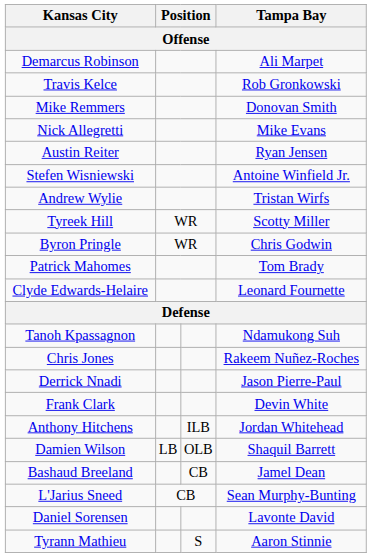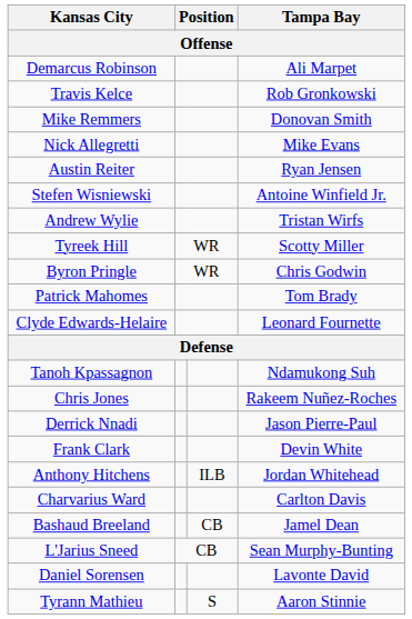 <table class="wikitable" style="text-align:center; margin: 0 auto;">
 <tr>
 <th style="width:160px;">Kansas City</th>
 <th colspan="2">Position</th>
 <th style="width:160px;">Tampa Bay</th>
 </tr>
 <tr>
 <th colspan="4">Offense</th>
 </tr>
 <tr>
 <td><a href='#'>Demarcus Robinson</a></td>
 <td colspan="2"></td>
 <td><a href='#'>Ali Marpet</a></td>
 </tr>
 <tr>
 <td><a href='#'>Travis Kelce</a></td>
 <td colspan="2"></td>
 <td><a href='#'>Rob Gronkowski</a></td>
 </tr>
 <tr>
 <td><a href='#'>Mike Remmers</a></td>
 <td colspan="2"></td>
 <td><a href='#'>Donovan Smith</a></td>
 </tr>
 <tr>
 <td><a href='#'>Nick Allegretti</a></td>
 <td colspan="2"></td>
 <td><a href='#'>Mike Evans</a></td>
 </tr>
 <tr>
 <td><a href='#'>Austin Reiter</a></td>
 <td colspan="2"></td>
 <td><a href='#'>Ryan Jensen</a></td>
 </tr>
 <tr>
 <td><a href='#'>Stefen Wisniewski</a></td>
 <td colspan="2"></td>
 <td><a href='#'>Antoine Winfield Jr.</a></td>
 </tr>
 <tr>
 <td><a href='#'>Andrew Wylie</a></td>
 <td colspan="2"></td>
 <td><a href='#'>Tristan Wirfs</a></td>
 </tr>
 <tr>
 <td><a href='#'>Tyreek Hill</a></td>
 <td colspan="2">WR</td>
 <td><a href='#'>Scotty Miller</a></td>
 </tr>
 <tr>
 <td><a href='#'>Byron Pringle</a></td>
 <td colspan="2">WR</td>
 <td><a href='#'>Chris Godwin</a></td>
 </tr>
 <tr>
 <td><a href='#'>Patrick Mahomes</a></td>
 <td colspan="2"></td>
 <td><a href='#'>Tom Brady</a></td>
 </tr>
 <tr>
 <td><a href='#'>Clyde Edwards-Helaire</a></td>
 <td colspan="2"></td>
 <td><a href='#'>Leonard Fournette</a></td>
 </tr>
 <tr>
 <th colspan="4">Defense</th>
 </tr>
 <tr>
 <td><a href='#'>Tanoh Kpassagnon</a></td>
 <td style="text-align:center;"></td>
 <td></td>
 <td><a href='#'>Ndamukong Suh</a></td>
 </tr>
 <tr>
 <td><a href='#'>Chris Jones</a></td>
 <td style="text-align:center;"></td>
 <td></td>
 <td><a href='#'>Rakeem Nuñez-Roches</a></td>
 </tr>
 <tr>
 <td><a href='#'>Derrick Nnadi</a></td>
 <td style="text-align:center;"></td>
 <td></td>
 <td><a href='#'>Jason Pierre-Paul</a></td>
 </tr>
 <tr>
 <td><a href='#'>Frank Clark</a></td>
 <td></td>
 <td></td>
 <td><a href='#'>Devin White</a></td>
 </tr>
 <tr>
 <td><a href='#'>Anthony Hitchens</a></td>
 <td style="text-align:center;"></td>
 <td style="text-align:center;">ILB</td>
 <td><a href='#'>Jordan Whitehead</a></td>
 </tr>
 <tr>
-<td><a href='#'>Damien Wilson</a></td>
-<td style="text-align:center;">LB</td>
-<td style="text-align:center;">OLB</td>
-<td><a href='#'>Shaquil Barrett</a></td>
+<td><a href='#'>Charvarius Ward</a></td>
+<td style="text-align:center;"></td>
+<td style="text-align:center;"></td>
+<td><a href='#'>Carlton Davis</a></td>
 </tr>
 <tr>
 <td><a href='#'>Bashaud Breeland</a></td>
 <td style="text-align:center;"></td>
 <td style="text-align:center;">CB</td>
 <td><a href='#'>Jamel Dean</a></td>
 </tr>
 <tr>
 <td><a href='#'>L'Jarius Sneed</a></td>
 <td colspan="2">CB</td>
 <td><a href='#'>Sean Murphy-Bunting</a></td>
 </tr>
 <tr>
 <td><a href='#'>Daniel Sorensen</a></td>
 <td style="text-align:center;"></td>
 <td style="text-align:center;"></td>
 <td><a href='#'>Lavonte David</a></td>
 </tr>
 <tr>
 <td><a href='#'>Tyrann Mathieu</a></td>
 <td style="text-align:center;"></td>
 <td style="text-align:center;">S</td>
 <td><a href='#'>Aaron Stinnie</a></td>
 </tr>
 </table>
